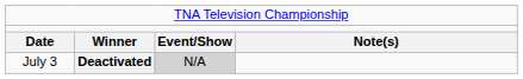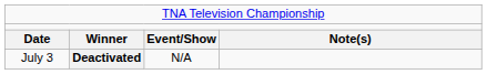 <table class="wikitable" style="text-align:center; width:100%;">
 <tr>
 <td colspan="5"><a href='#'>TNA Television Championship</a></td>
 </tr>
 <tr>
 <td colspan="5"><strong></strong></td>
 </tr>
 <tr>
 <th width="14%">Date</th>
 <th width="14%">Winner</th>
 <th width="14%">Event/Show</th>
 <th width="58%">Note(s)</th>
 </tr>
 <tr>
 <td>July 3</td>
 <th>Deactivated</th>
-<td style="background: lightgrey;">N/A</td>
+<td>N/A</td>
 <td></td>
 </tr>
 </table>
